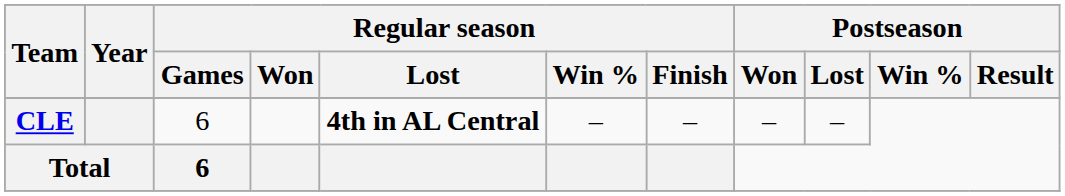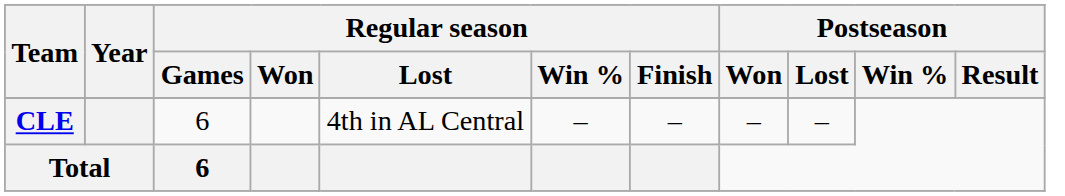 <table class="wikitable" style="font-size: 95%; text-align:center;">
 <tr>
 <th rowspan="2">Team</th>
 <th rowspan="2">Year</th>
 <th colspan="5">Regular season</th>
 <th colspan="4">Postseason</th>
 </tr>
 <tr>
 <th>Games</th>
 <th>Won</th>
 <th>Lost</th>
 <th>Win %</th>
 <th>Finish</th>
 <th>Won</th>
 <th>Lost</th>
 <th>Win %</th>
 <th>Result</th>
 </tr>
 <tr>
 </tr>
 <tr>
 <th><a href='#'>CLE</a></th>
 <th></th>
 <td>6</td>
 <td></td>
-<td><strong>4th in AL Central</strong></td>
+<td>4th in AL Central</td>
 <td>–</td>
 <td>–</td>
 <td>–</td>
 <td>–</td>
 </tr>
 <tr>
 <th colspan="2">Total</th>
 <th>6</th>
 <th></th>
 <th></th>
 <th></th>
 <th></th>
 </tr>
 </table>
